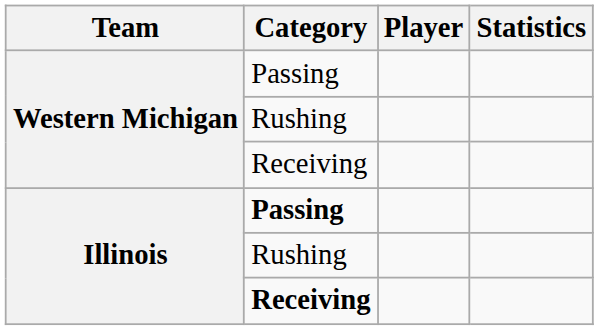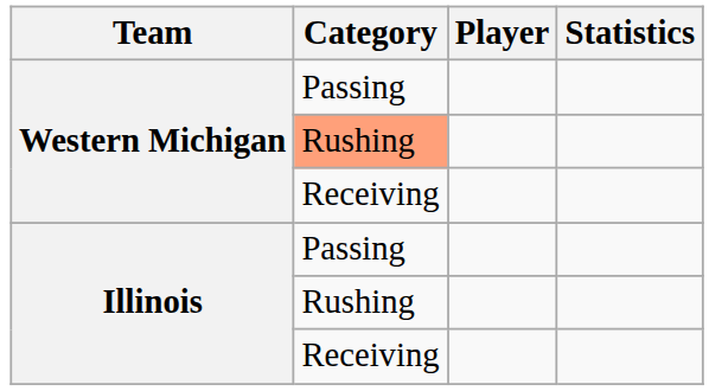 <table class="wikitable" style="float:right">
 <tr>
 <th>Team</th>
 <th>Category</th>
 <th>Player</th>
 <th>Statistics</th>
 </tr>
 <tr>
 <th rowspan=3>Western Michigan</th>
 <td>Passing</td>
 <td></td>
 <td></td>
 </tr>
 <tr>
-<td>Rushing</td>
+<td style="background: lightsalmon;">Rushing</td>
 <td></td>
 <td></td>
 </tr>
 <tr>
 <td>Receiving</td>
 <td></td>
 <td></td>
 </tr>
 <tr>
 <th rowspan=3>Illinois</th>
-<td><strong>Passing</strong></td>
+<td>Passing</td>
 <td></td>
 <td></td>
 </tr>
 <tr>
 <td>Rushing</td>
 <td></td>
 <td></td>
 </tr>
 <tr>
-<td><strong>Receiving</strong></td>
+<td>Receiving</td>
 <td></td>
 <td></td>
 </tr>
 </table>
